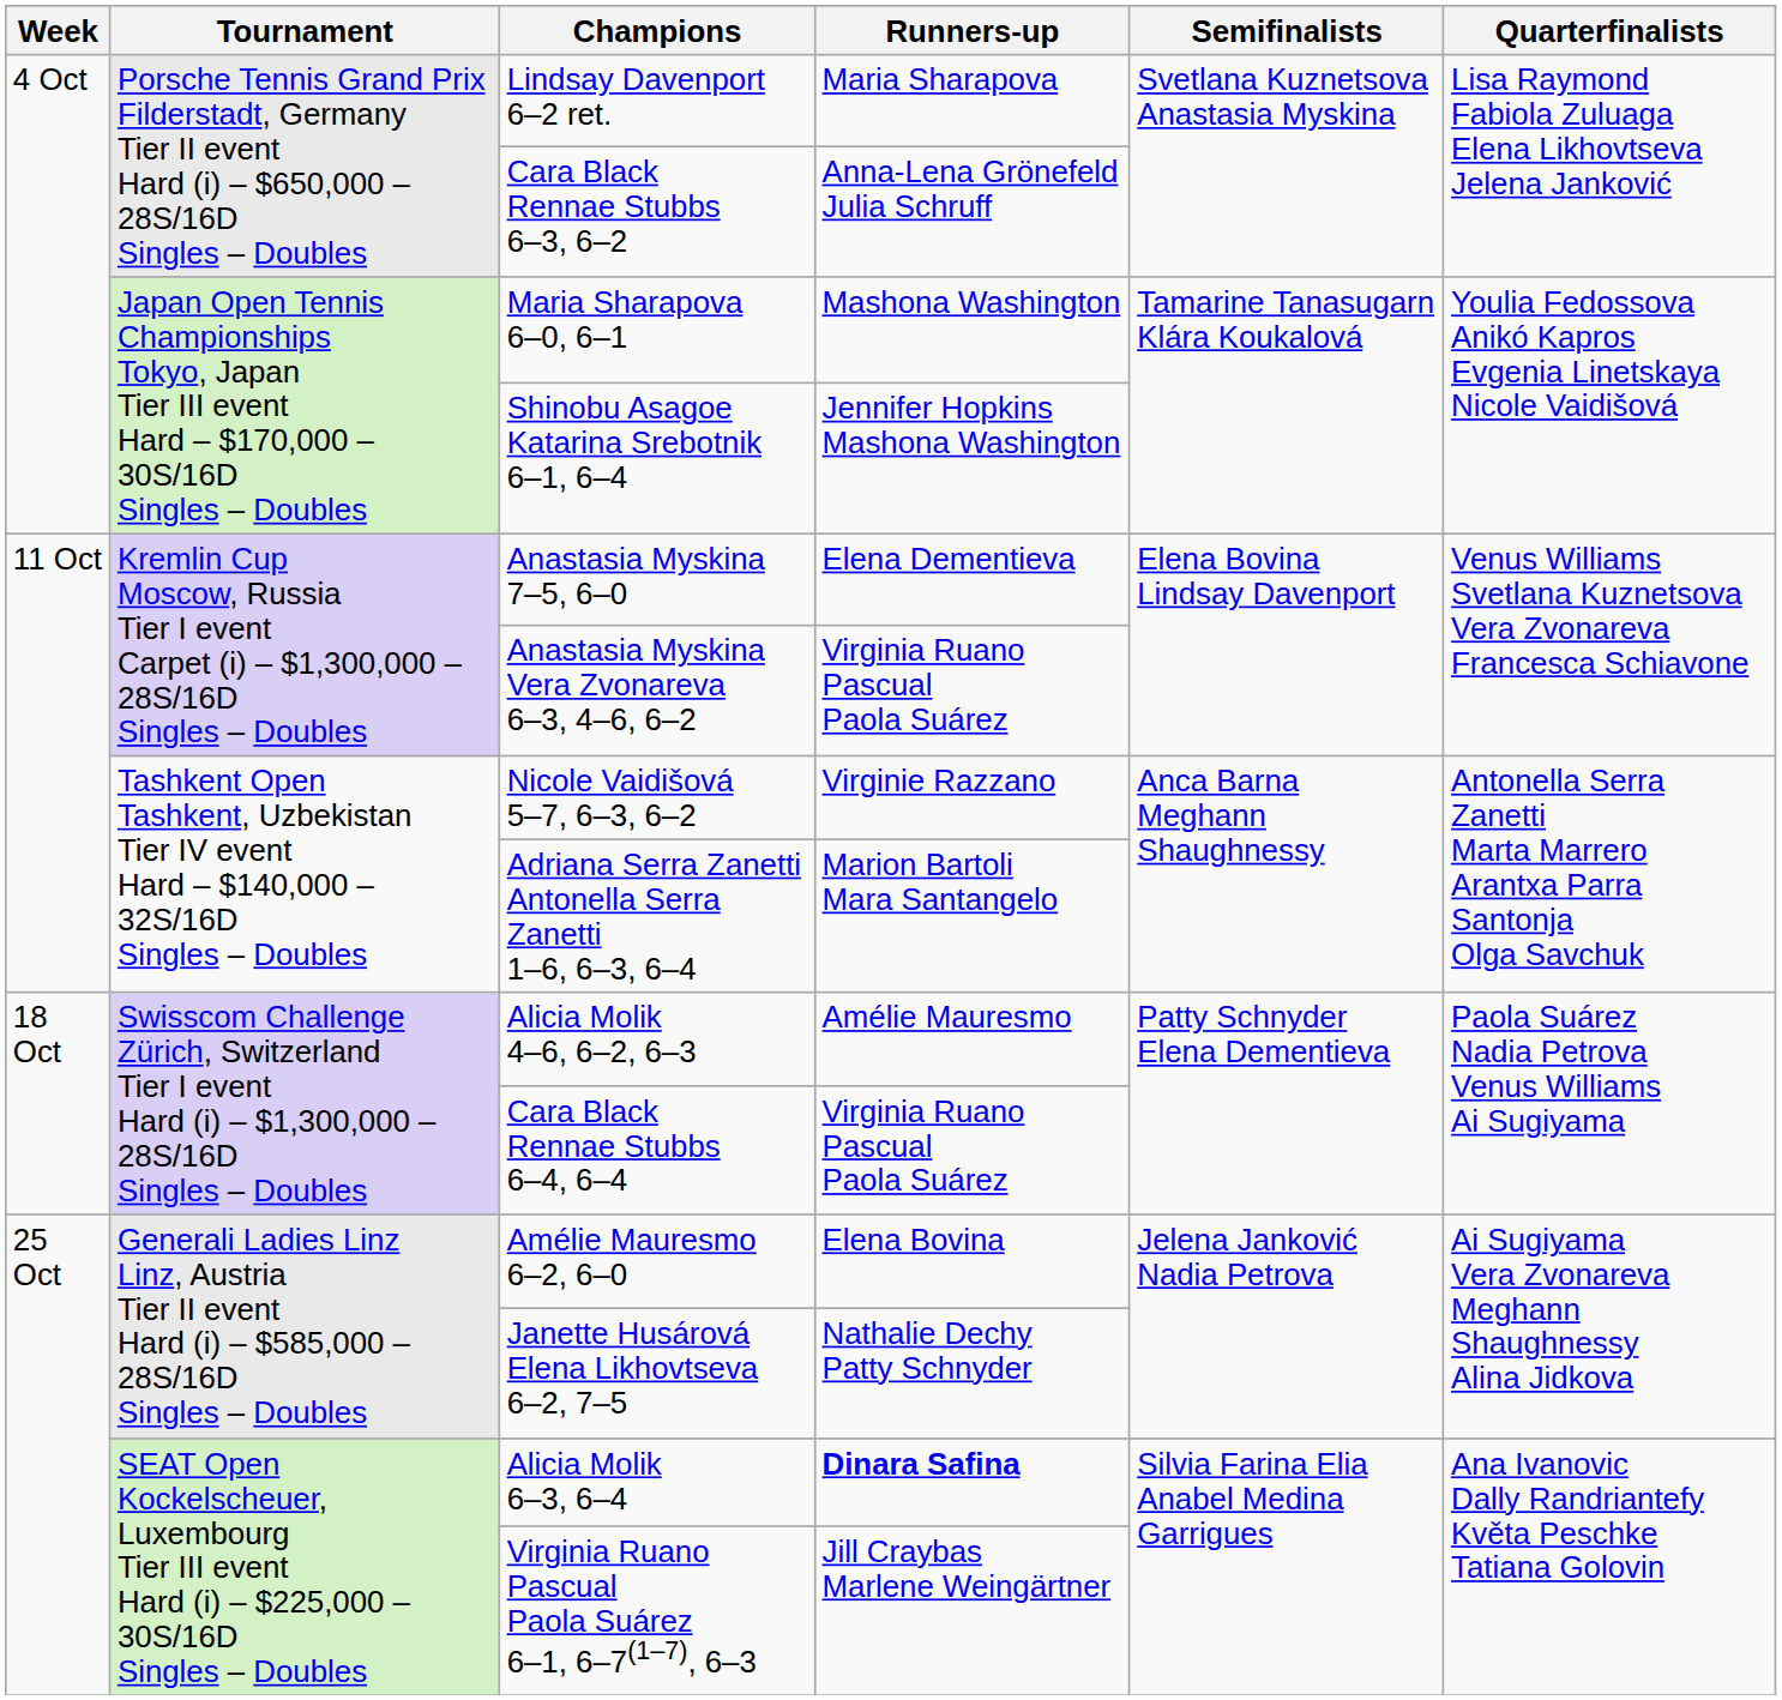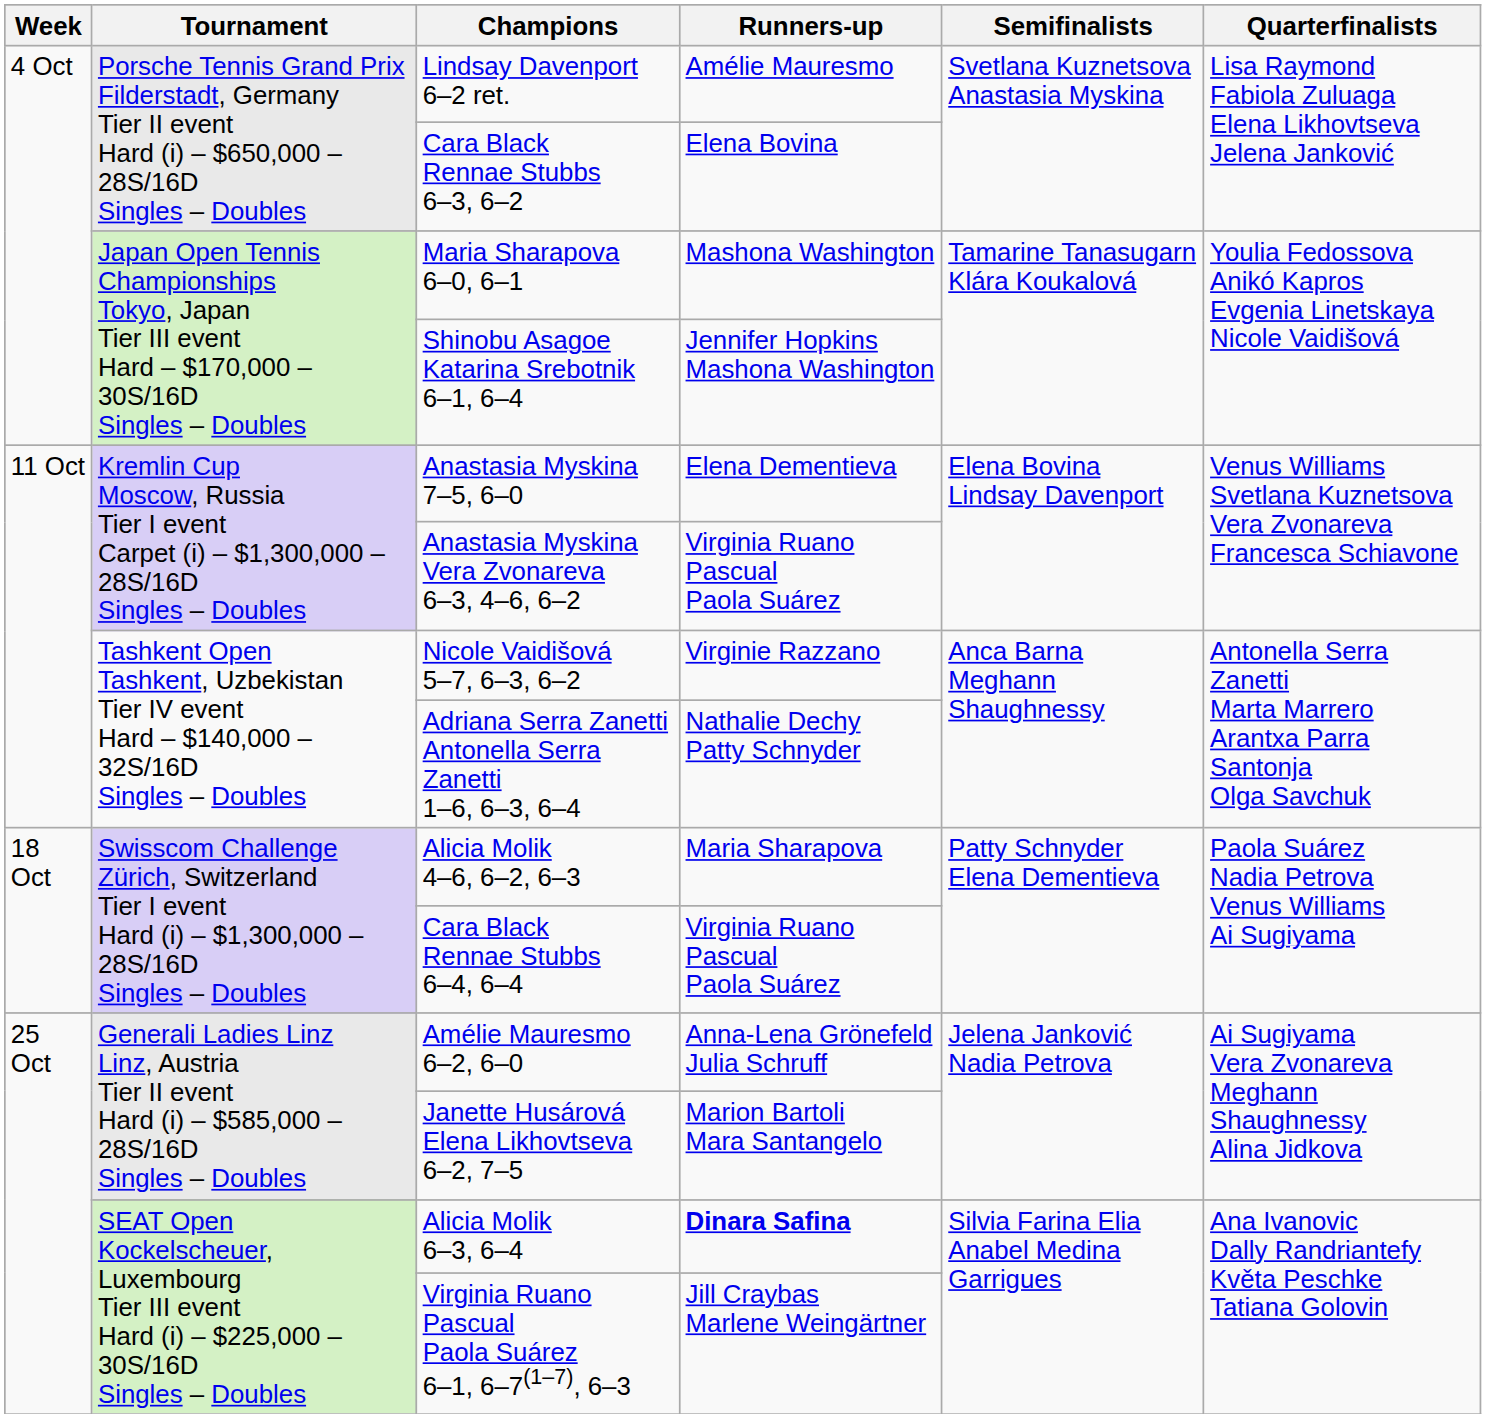 <table class=wikitable style=font-size:95%>
 <tr>
 <th style="width:48px;">Week</th>
 <th style="width:248px;">Tournament</th>
 <th style="width:200px;">Champions</th>
 <th style="width:200px;">Runners-up</th>
 <th style="width:190px;">Semifinalists</th>
 <th style="width:190px;">Quarterfinalists</th>
 </tr>
 <tr valign="top">
 <td rowspan=4>4 Oct</td>
 <td rowspan=2 style="background:#e9e9e9;"><a href='#'>Porsche Tennis Grand Prix</a><br> <a href='#'>Filderstadt</a>, Germany <br>Tier II event<br>Hard (i) – $650,000 – 28S/16D<br><a href='#'>Singles</a> – <a href='#'>Doubles</a></td>
 <td> <a href='#'>Lindsay Davenport</a> <br> 6–2 ret.</td>
-<td> <a href='#'>Maria Sharapova</a></td>
+<td> <a href='#'>Amélie Mauresmo</a></td>
 <td rowspan=2> <a href='#'>Svetlana Kuznetsova</a><br> <a href='#'>Anastasia Myskina</a></td>
 <td rowspan=2> <a href='#'>Lisa Raymond</a>  <br>  <a href='#'>Fabiola Zuluaga</a> <br> <a href='#'>Elena Likhovtseva</a><br>  <a href='#'>Jelena Janković</a></td>
 </tr>
 <tr valign="top">
 <td> <a href='#'>Cara Black</a> <br>  <a href='#'>Rennae Stubbs</a><br>6–3, 6–2</td>
-<td> <a href='#'>Anna-Lena Grönefeld</a> <br>  <a href='#'>Julia Schruff</a></td>
+<td> <a href='#'>Elena Bovina</a></td>
 </tr>
 <tr valign="top">
 <td rowspan=2 style="background:#d4f1c5;"><a href='#'>Japan Open Tennis Championships</a><br> <a href='#'>Tokyo</a>, Japan <br>Tier III event<br>Hard – $170,000 – 30S/16D<br><a href='#'>Singles</a> – <a href='#'>Doubles</a></td>
 <td> <a href='#'>Maria Sharapova</a> <br> 6–0, 6–1</td>
 <td> <a href='#'>Mashona Washington</a></td>
 <td rowspan=2> <a href='#'>Tamarine Tanasugarn</a><br> <a href='#'>Klára Koukalová</a></td>
 <td rowspan=2> <a href='#'>Youlia Fedossova</a>  <br>  <a href='#'>Anikó Kapros</a> <br> <a href='#'>Evgenia Linetskaya</a><br>   <a href='#'>Nicole Vaidišová</a></td>
 </tr>
 <tr valign="top">
 <td> <a href='#'>Shinobu Asagoe</a> <br>  <a href='#'>Katarina Srebotnik</a><br>6–1, 6–4</td>
 <td> <a href='#'>Jennifer Hopkins</a> <br>  <a href='#'>Mashona Washington</a></td>
 </tr>
 <tr valign="top">
 <td rowspan=4>11 Oct</td>
 <td rowspan=2 style="background:#d8cef6;"><a href='#'>Kremlin Cup</a><br> <a href='#'>Moscow</a>, Russia <br>Tier I event<br>Carpet (i) – $1,300,000 – 28S/16D<br> <a href='#'>Singles</a> – <a href='#'>Doubles</a></td>
 <td> <a href='#'>Anastasia Myskina</a> <br> 7–5, 6–0</td>
 <td> <a href='#'>Elena Dementieva</a></td>
 <td rowspan=2> <a href='#'>Elena Bovina</a><br> <a href='#'>Lindsay Davenport</a></td>
 <td rowspan=2> <a href='#'>Venus Williams</a>  <br>  <a href='#'>Svetlana Kuznetsova</a> <br> <a href='#'>Vera Zvonareva</a><br>   <a href='#'>Francesca Schiavone</a></td>
 </tr>
 <tr valign="top">
 <td> <a href='#'>Anastasia Myskina</a> <br>  <a href='#'>Vera Zvonareva</a><br>6–3, 4–6, 6–2</td>
 <td> <a href='#'>Virginia Ruano Pascual</a> <br>  <a href='#'>Paola Suárez</a></td>
 </tr>
 <tr valign="top">
 <td rowspan=2><a href='#'>Tashkent Open</a><br> <a href='#'>Tashkent</a>, Uzbekistan <br>Tier IV event<br>Hard – $140,000 – 32S/16D<br><a href='#'>Singles</a> – <a href='#'>Doubles</a></td>
 <td> <a href='#'>Nicole Vaidišová</a> <br> 5–7, 6–3, 6–2</td>
 <td> <a href='#'>Virginie Razzano</a></td>
 <td rowspan=2> <a href='#'>Anca Barna</a><br> <a href='#'>Meghann Shaughnessy</a></td>
 <td rowspan=2> <a href='#'>Antonella Serra Zanetti</a>  <br>  <a href='#'>Marta Marrero</a> <br> <a href='#'>Arantxa Parra Santonja</a><br>   <a href='#'>Olga Savchuk</a></td>
 </tr>
 <tr valign="top">
 <td> <a href='#'>Adriana Serra Zanetti</a> <br>  <a href='#'>Antonella Serra Zanetti</a><br>1–6, 6–3, 6–4</td>
-<td> <a href='#'>Marion Bartoli</a> <br>  <a href='#'>Mara Santangelo</a></td>
+<td> <a href='#'>Nathalie Dechy</a> <br>  <a href='#'>Patty Schnyder</a></td>
 </tr>
 <tr valign="top">
 <td rowspan=2>18 Oct</td>
 <td rowspan=2 style="background:#d8cef6;"><a href='#'>Swisscom Challenge</a><br> <a href='#'>Zürich</a>, Switzerland <br>Tier I event<br>Hard (i) – $1,300,000 – 28S/16D<br><a href='#'>Singles</a> – <a href='#'>Doubles</a></td>
 <td> <a href='#'>Alicia Molik</a> <br> 4–6, 6–2, 6–3</td>
-<td> <a href='#'>Amélie Mauresmo</a></td>
+<td> <a href='#'>Maria Sharapova</a></td>
 <td rowspan=2> <a href='#'>Patty Schnyder</a><br> <a href='#'>Elena Dementieva</a></td>
 <td rowspan=2> <a href='#'>Paola Suárez</a>  <br>  <a href='#'>Nadia Petrova</a> <br> <a href='#'>Venus Williams</a><br>   <a href='#'>Ai Sugiyama</a></td>
 </tr>
 <tr valign="top">
 <td> <a href='#'>Cara Black</a> <br>  <a href='#'>Rennae Stubbs</a><br>6–4, 6–4</td>
 <td> <a href='#'>Virginia Ruano Pascual</a> <br>  <a href='#'>Paola Suárez</a></td>
 </tr>
 <tr valign="top">
 <td rowspan=4>25 Oct</td>
 <td rowspan=2 style="background:#e9e9e9;"><a href='#'>Generali Ladies Linz</a><br>  <a href='#'>Linz</a>, Austria <br>Tier II event<br>Hard (i) – $585,000 – 28S/16D<br><a href='#'>Singles</a> – <a href='#'>Doubles</a></td>
 <td> <a href='#'>Amélie Mauresmo</a> <br> 6–2, 6–0</td>
-<td> <a href='#'>Elena Bovina</a></td>
+<td> <a href='#'>Anna-Lena Grönefeld</a> <br>  <a href='#'>Julia Schruff</a></td>
 <td rowspan=2> <a href='#'>Jelena Janković</a><br> <a href='#'>Nadia Petrova</a></td>
 <td rowspan=2> <a href='#'>Ai Sugiyama</a>  <br>  <a href='#'>Vera Zvonareva</a> <br> <a href='#'>Meghann Shaughnessy</a><br>   <a href='#'>Alina Jidkova</a></td>
 </tr>
 <tr valign="top">
 <td> <a href='#'>Janette Husárová</a> <br>  <a href='#'>Elena Likhovtseva</a><br>6–2, 7–5</td>
-<td> <a href='#'>Nathalie Dechy</a> <br>  <a href='#'>Patty Schnyder</a></td>
+<td> <a href='#'>Marion Bartoli</a> <br>  <a href='#'>Mara Santangelo</a></td>
 </tr>
 <tr valign="top">
 <td rowspan=2 style="background:#d4f1c5;"><a href='#'>SEAT Open</a><br> <a href='#'>Kockelscheuer</a>, Luxembourg <br>Tier III event<br>Hard (i) – $225,000 – 30S/16D<br><a href='#'>Singles</a> – <a href='#'>Doubles</a></td>
 <td> <a href='#'>Alicia Molik</a> <br> 6–3, 6–4</td>
 <td><strong> <a href='#'>Dinara Safina</a></strong></td>
 <td rowspan=2> <a href='#'>Silvia Farina Elia</a><br> <a href='#'>Anabel Medina Garrigues</a></td>
 <td rowspan=2> <a href='#'>Ana Ivanovic</a>  <br>  <a href='#'>Dally Randriantefy</a> <br> <a href='#'>Květa Peschke</a><br>   <a href='#'>Tatiana Golovin</a></td>
 </tr>
 <tr valign="top">
 <td> <a href='#'>Virginia Ruano Pascual</a> <br>  <a href='#'>Paola Suárez</a><br>6–1, 6–7<sup>(1–7)</sup>, 6–3</td>
 <td> <a href='#'>Jill Craybas</a> <br>  <a href='#'>Marlene Weingärtner</a></td>
 </tr>
 </table>
